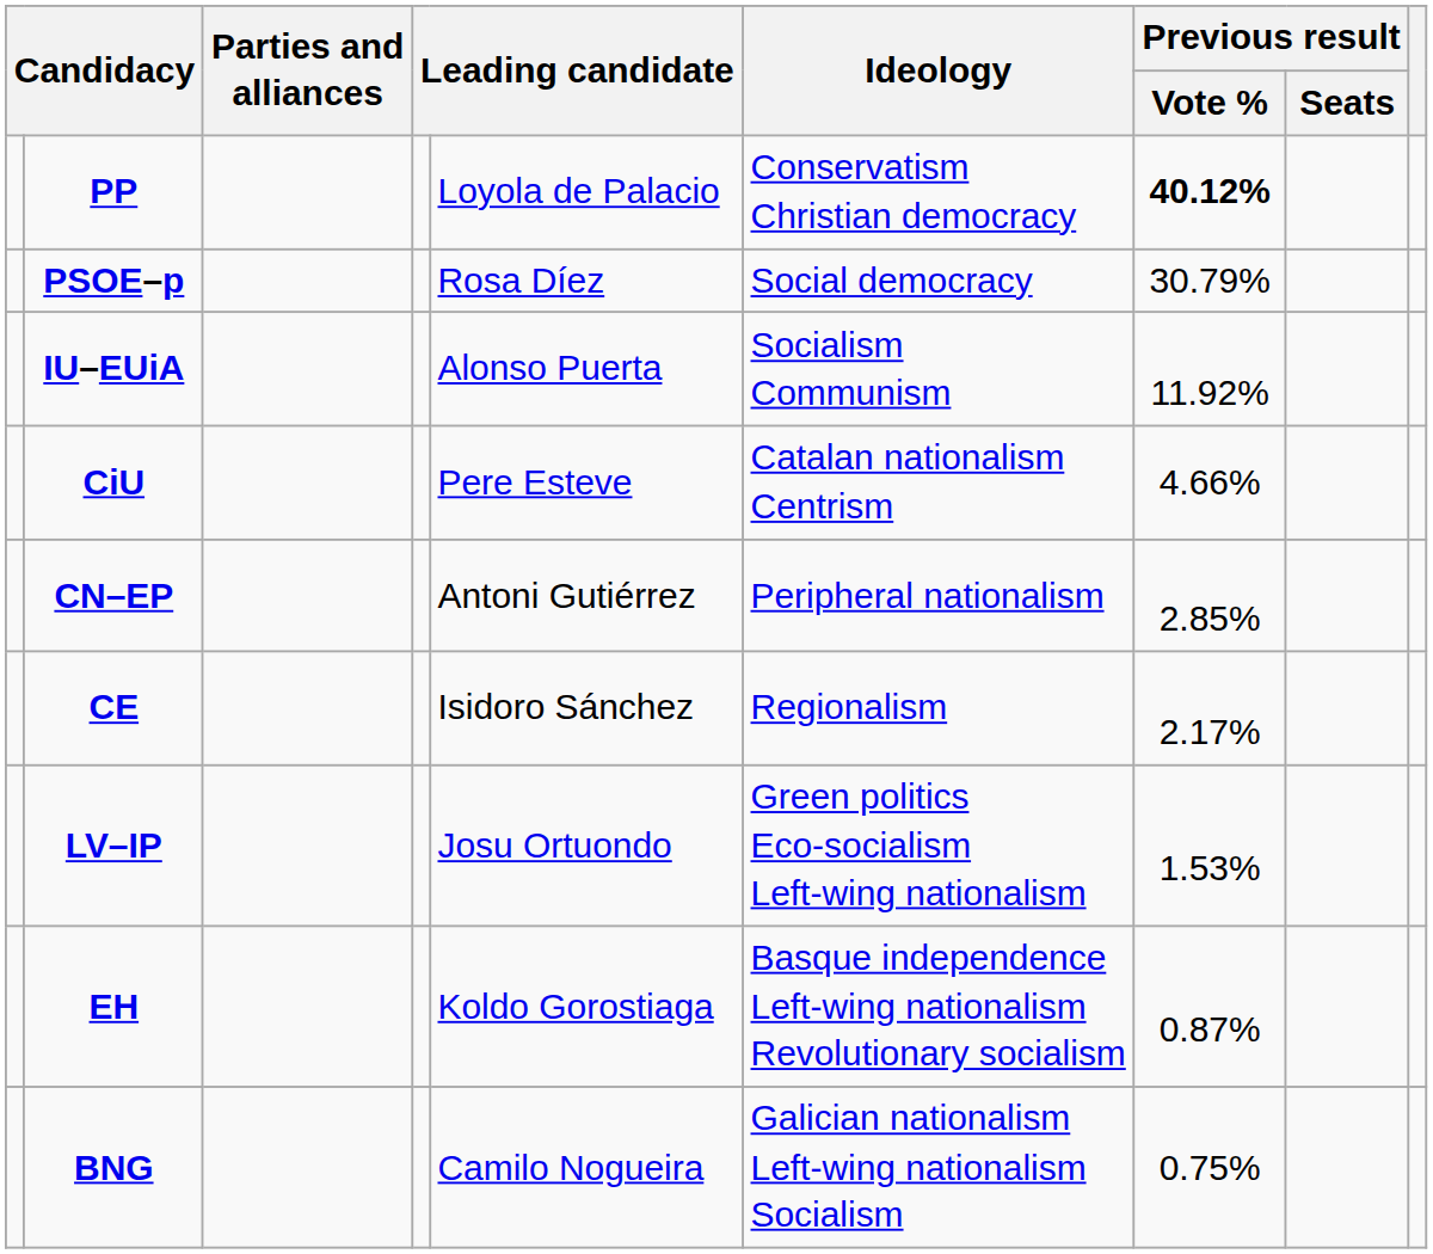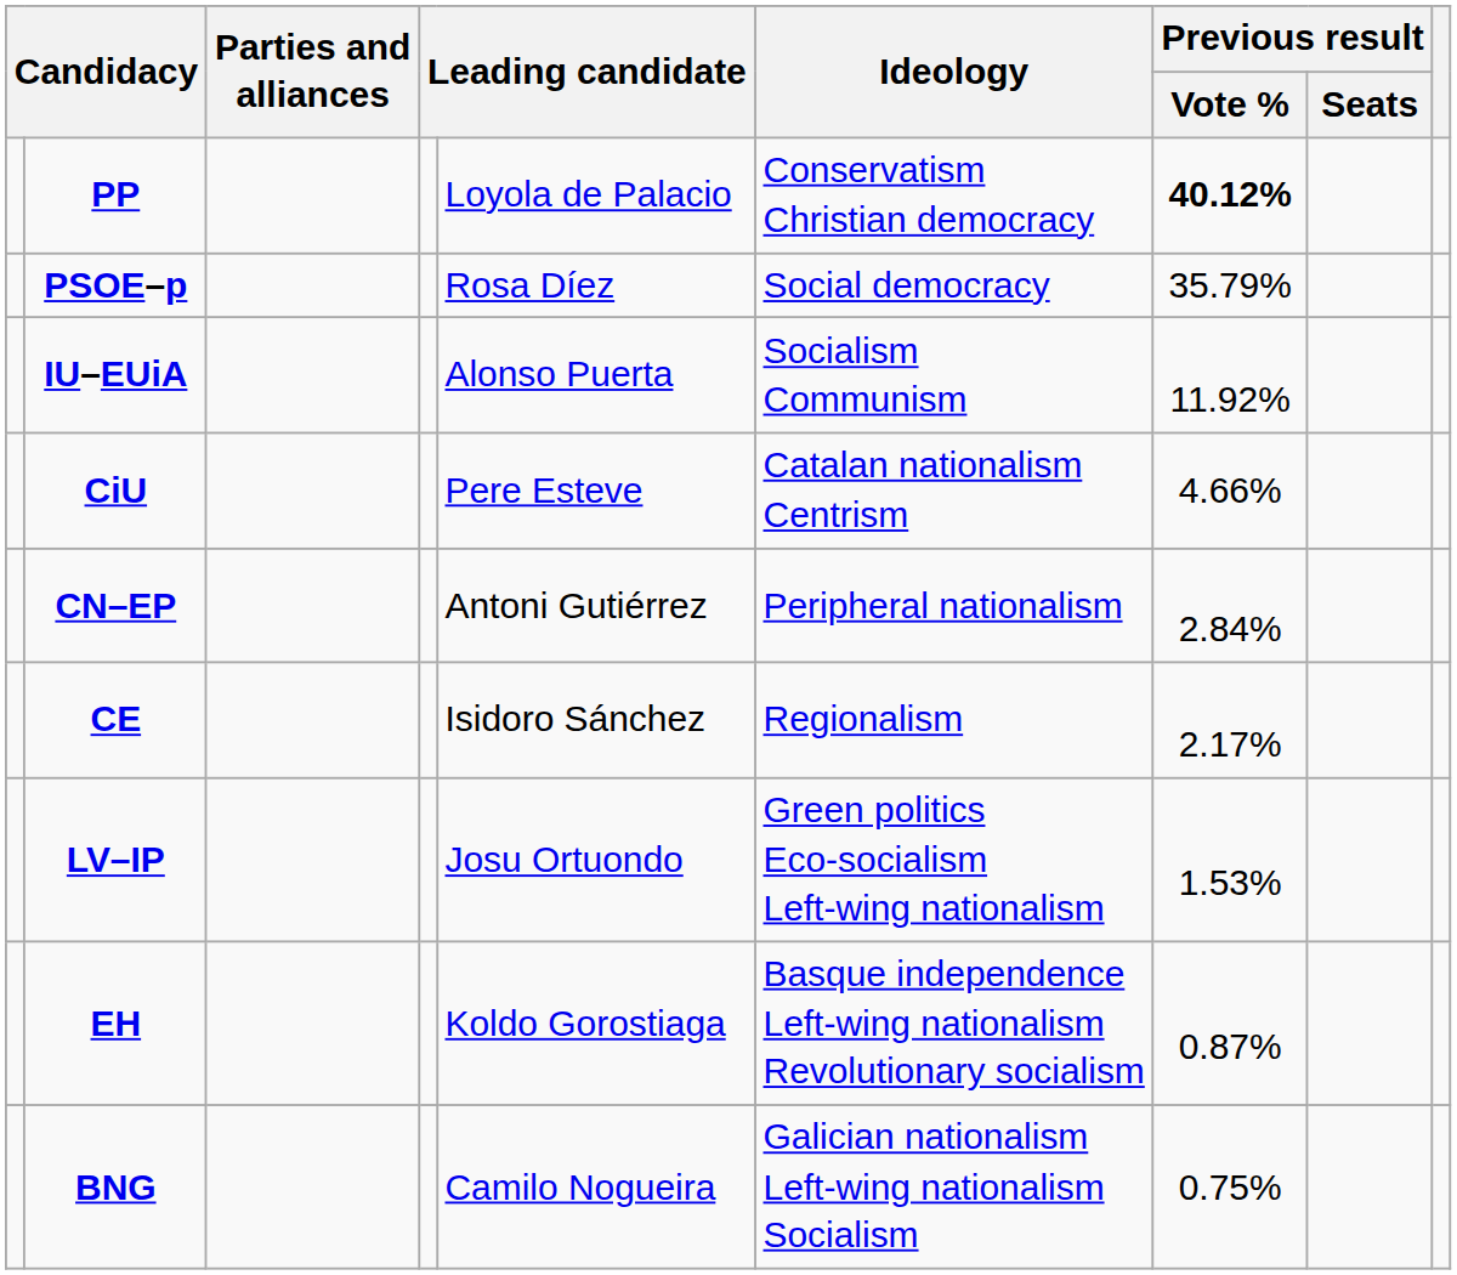 <table class="wikitable" style="line-height:1.35em; text-align:left;">
 <tr>
 <th colspan="2" rowspan="2">Candidacy</th>
 <th rowspan="2">Parties and<br>alliances</th>
 <th colspan="2" rowspan="2">Leading candidate</th>
 <th rowspan="2">Ideology</th>
 <th colspan="2">Previous result</th>
 <th rowspan="2"></th>
 </tr>
 <tr>
 <th>Vote %</th>
 <th>Seats</th>
 </tr>
 <tr>
 <td width="1" style="color:inherit;background:"></td>
 <td align="center"><strong><a href='#'>PP</a></strong></td>
 <td></td>
 <td></td>
 <td><a href='#'>Loyola de Palacio</a></td>
 <td><a href='#'>Conservatism</a><br><a href='#'>Christian democracy</a></td>
 <td align="center"><strong>40.12%</strong></td>
 <td></td>
 <td></td>
 </tr>
 <tr>
 <td style="color:inherit;background:"></td>
 <td align="center"><strong><a href='#'>PSOE</a>–<a href='#'>p</a></strong></td>
 <td></td>
 <td></td>
 <td><a href='#'>Rosa Díez</a></td>
 <td><a href='#'>Social democracy</a></td>
-<td align="center">30.79%</td>
+<td align="center">35.79%</td>
 <td></td>
 <td></td>
 </tr>
 <tr>
 <td style="color:inherit;background:"></td>
 <td align="center"><strong><a href='#'>IU</a>–<a href='#'>EUiA</a></strong></td>
 <td></td>
 <td></td>
 <td><a href='#'>Alonso Puerta</a></td>
 <td><a href='#'>Socialism</a><br><a href='#'>Communism</a></td>
 <td align="center"><br>11.92%<br></td>
 <td></td>
 <td><br></td>
 </tr>
 <tr>
 <td style="color:inherit;background:"></td>
 <td align="center"><strong><a href='#'>CiU</a></strong></td>
 <td></td>
 <td></td>
 <td><a href='#'>Pere Esteve</a></td>
 <td><a href='#'>Catalan nationalism</a><br><a href='#'>Centrism</a></td>
 <td align="center">4.66%</td>
 <td></td>
 <td></td>
 </tr>
 <tr>
 <td style="color:inherit;background:"></td>
 <td align="center"><strong><a href='#'>CN–EP</a></strong></td>
 <td></td>
 <td></td>
 <td>Antoni Gutiérrez</td>
 <td><a href='#'>Peripheral nationalism</a></td>
-<td align="center"><br>2.85%<br></td>
+<td align="center"><br>2.84%<br></td>
 <td></td>
 <td><br></td>
 </tr>
 <tr>
 <td style="color:inherit;background:"></td>
 <td align="center"><strong><a href='#'>CE</a></strong></td>
 <td></td>
 <td></td>
 <td>Isidoro Sánchez</td>
 <td><a href='#'>Regionalism</a></td>
 <td align="center"><br>2.17%<br></td>
 <td></td>
 <td></td>
 </tr>
 <tr>
 <td style="color:inherit;background:"></td>
 <td align="center"><strong><a href='#'>LV–IP</a></strong></td>
 <td></td>
 <td></td>
 <td><a href='#'>Josu Ortuondo</a></td>
 <td><a href='#'>Green politics</a><br><a href='#'>Eco-socialism</a><br><a href='#'>Left-wing nationalism</a></td>
 <td align="center"><br>1.53%<br></td>
 <td></td>
 <td></td>
 </tr>
 <tr>
 <td style="color:inherit;background:"></td>
 <td align="center"><strong><a href='#'>EH</a></strong></td>
 <td></td>
 <td></td>
 <td><a href='#'>Koldo Gorostiaga</a></td>
 <td><a href='#'>Basque independence</a><br><a href='#'>Left-wing nationalism</a><br><a href='#'>Revolutionary socialism</a></td>
 <td align="center"><br>0.87%<br></td>
 <td></td>
 <td></td>
 </tr>
 <tr>
 <td style="color:inherit;background:"></td>
 <td align="center"><strong><a href='#'>BNG</a></strong></td>
 <td></td>
 <td></td>
 <td><a href='#'>Camilo Nogueira</a></td>
 <td><a href='#'>Galician nationalism</a><br><a href='#'>Left-wing nationalism</a><br><a href='#'>Socialism</a></td>
 <td align="center">0.75%</td>
 <td></td>
 <td></td>
 </tr>
 </table>
